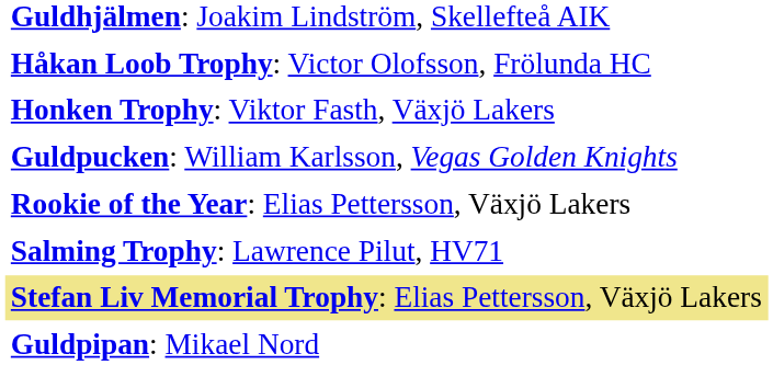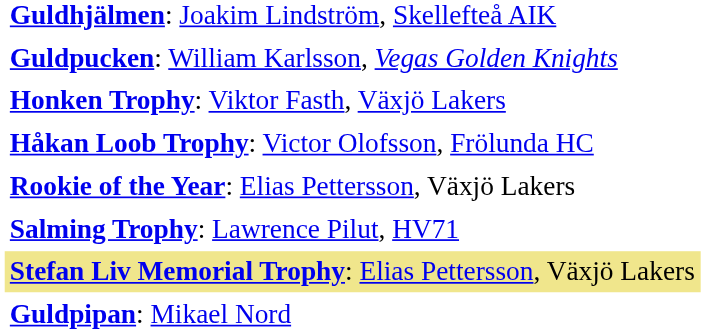 <table cellpadding="3" cellspacing="1">
 <tr>
 <td><strong><a href='#'>Guldhjälmen</a></strong>: <a href='#'>Joakim Lindström</a>, <a href='#'>Skellefteå AIK</a></td>
 </tr>
 <tr>
-<td><strong><a href='#'>Håkan Loob Trophy</a></strong>: <a href='#'>Victor Olofsson</a>, <a href='#'>Frölunda HC</a></td>
+<td><strong><a href='#'>Guldpucken</a></strong>: <a href='#'>William Karlsson</a>, <em><a href='#'>Vegas Golden Knights</a></em></td>
 </tr>
 <tr>
 <td><strong><a href='#'>Honken Trophy</a></strong>: <a href='#'>Viktor Fasth</a>, <a href='#'>Växjö Lakers</a></td>
 </tr>
 <tr>
-<td><strong><a href='#'>Guldpucken</a></strong>: <a href='#'>William Karlsson</a>, <em><a href='#'>Vegas Golden Knights</a></em></td>
+<td><strong><a href='#'>Håkan Loob Trophy</a></strong>: <a href='#'>Victor Olofsson</a>, <a href='#'>Frölunda HC</a></td>
 </tr>
 <tr>
 <td><strong><a href='#'>Rookie of the Year</a></strong>: <a href='#'>Elias Pettersson</a>, Växjö Lakers</td>
 </tr>
 <tr>
 <td><strong><a href='#'>Salming Trophy</a></strong>: <a href='#'>Lawrence Pilut</a>, <a href='#'>HV71</a></td>
 </tr>
 <tr>
 <td style="background: khaki;"><strong><a href='#'>Stefan Liv Memorial Trophy</a></strong>: <a href='#'>Elias Pettersson</a>, Växjö Lakers</td>
 </tr>
 <tr>
 <td><strong><a href='#'>Guldpipan</a></strong>: <a href='#'>Mikael Nord</a></td>
 </tr>
 </table>
